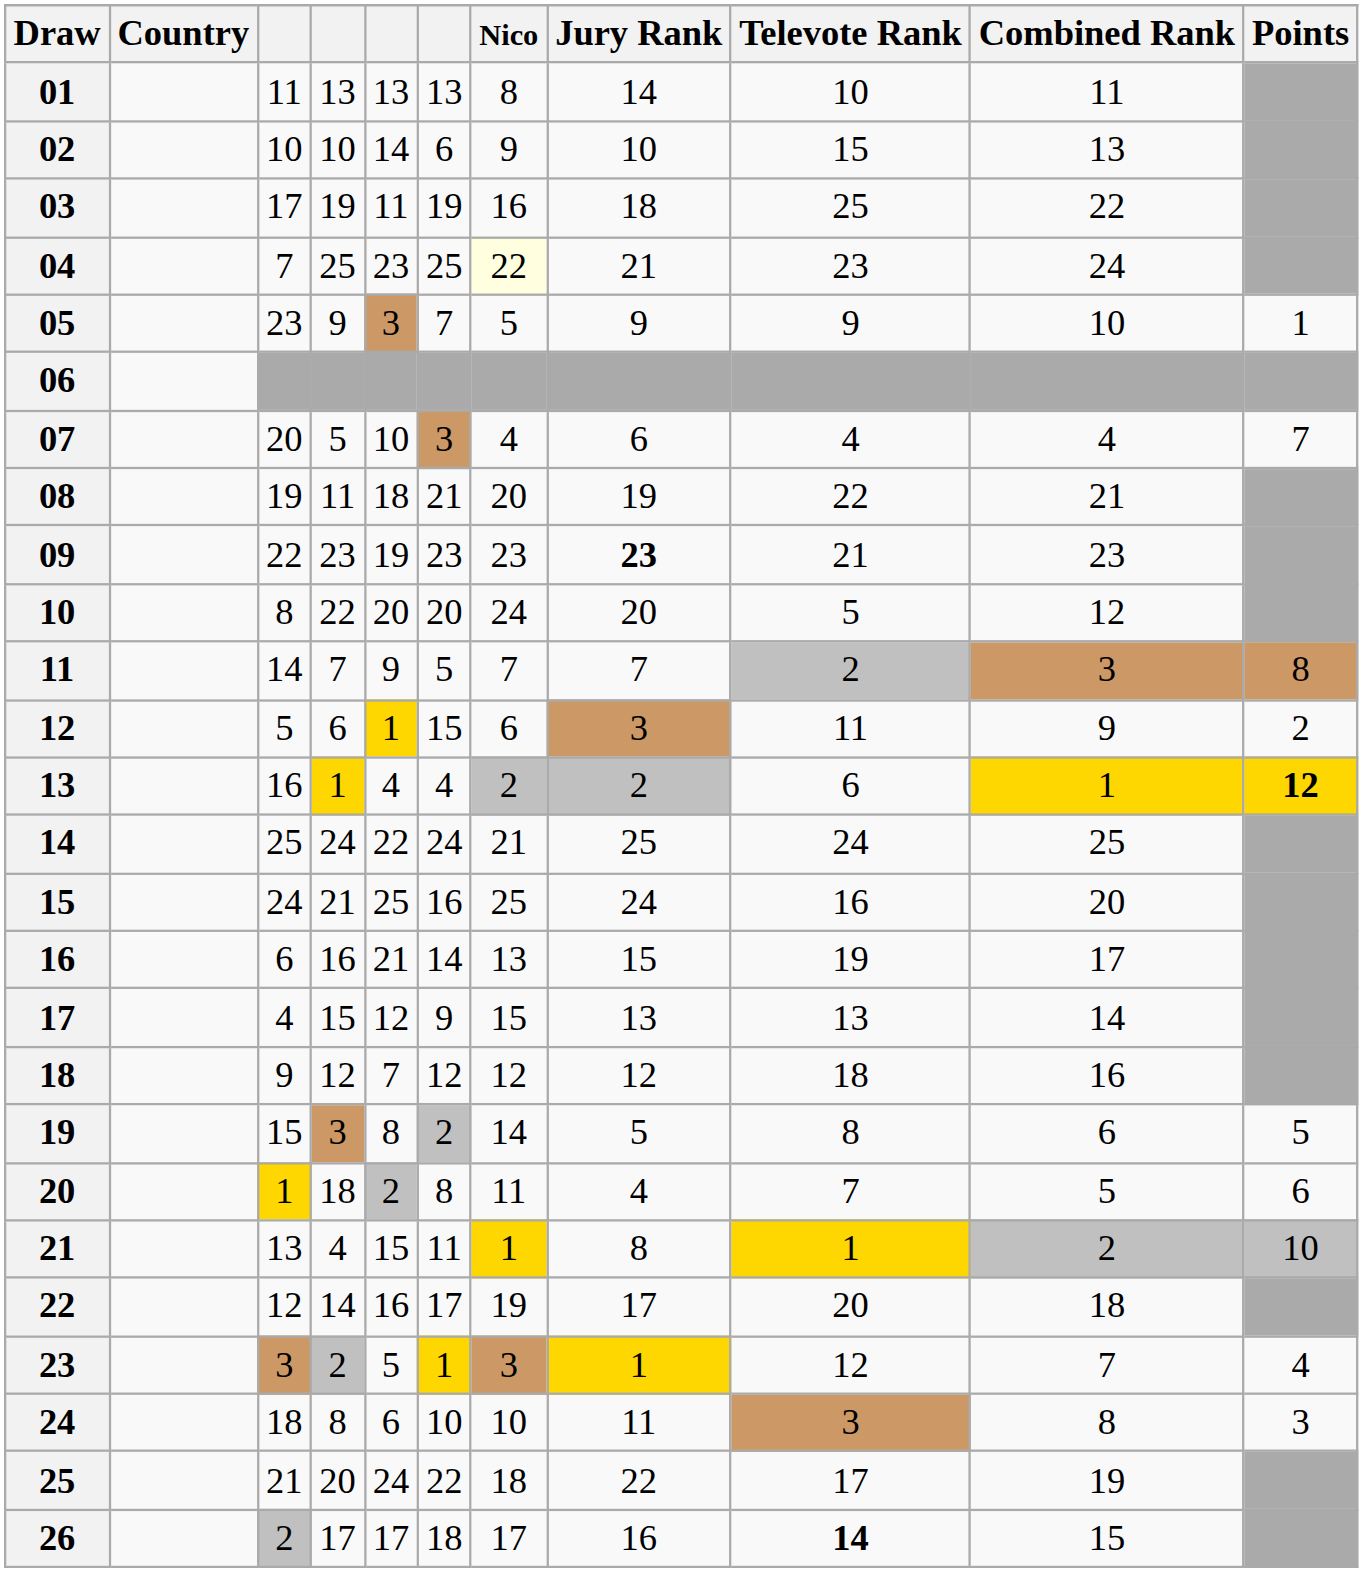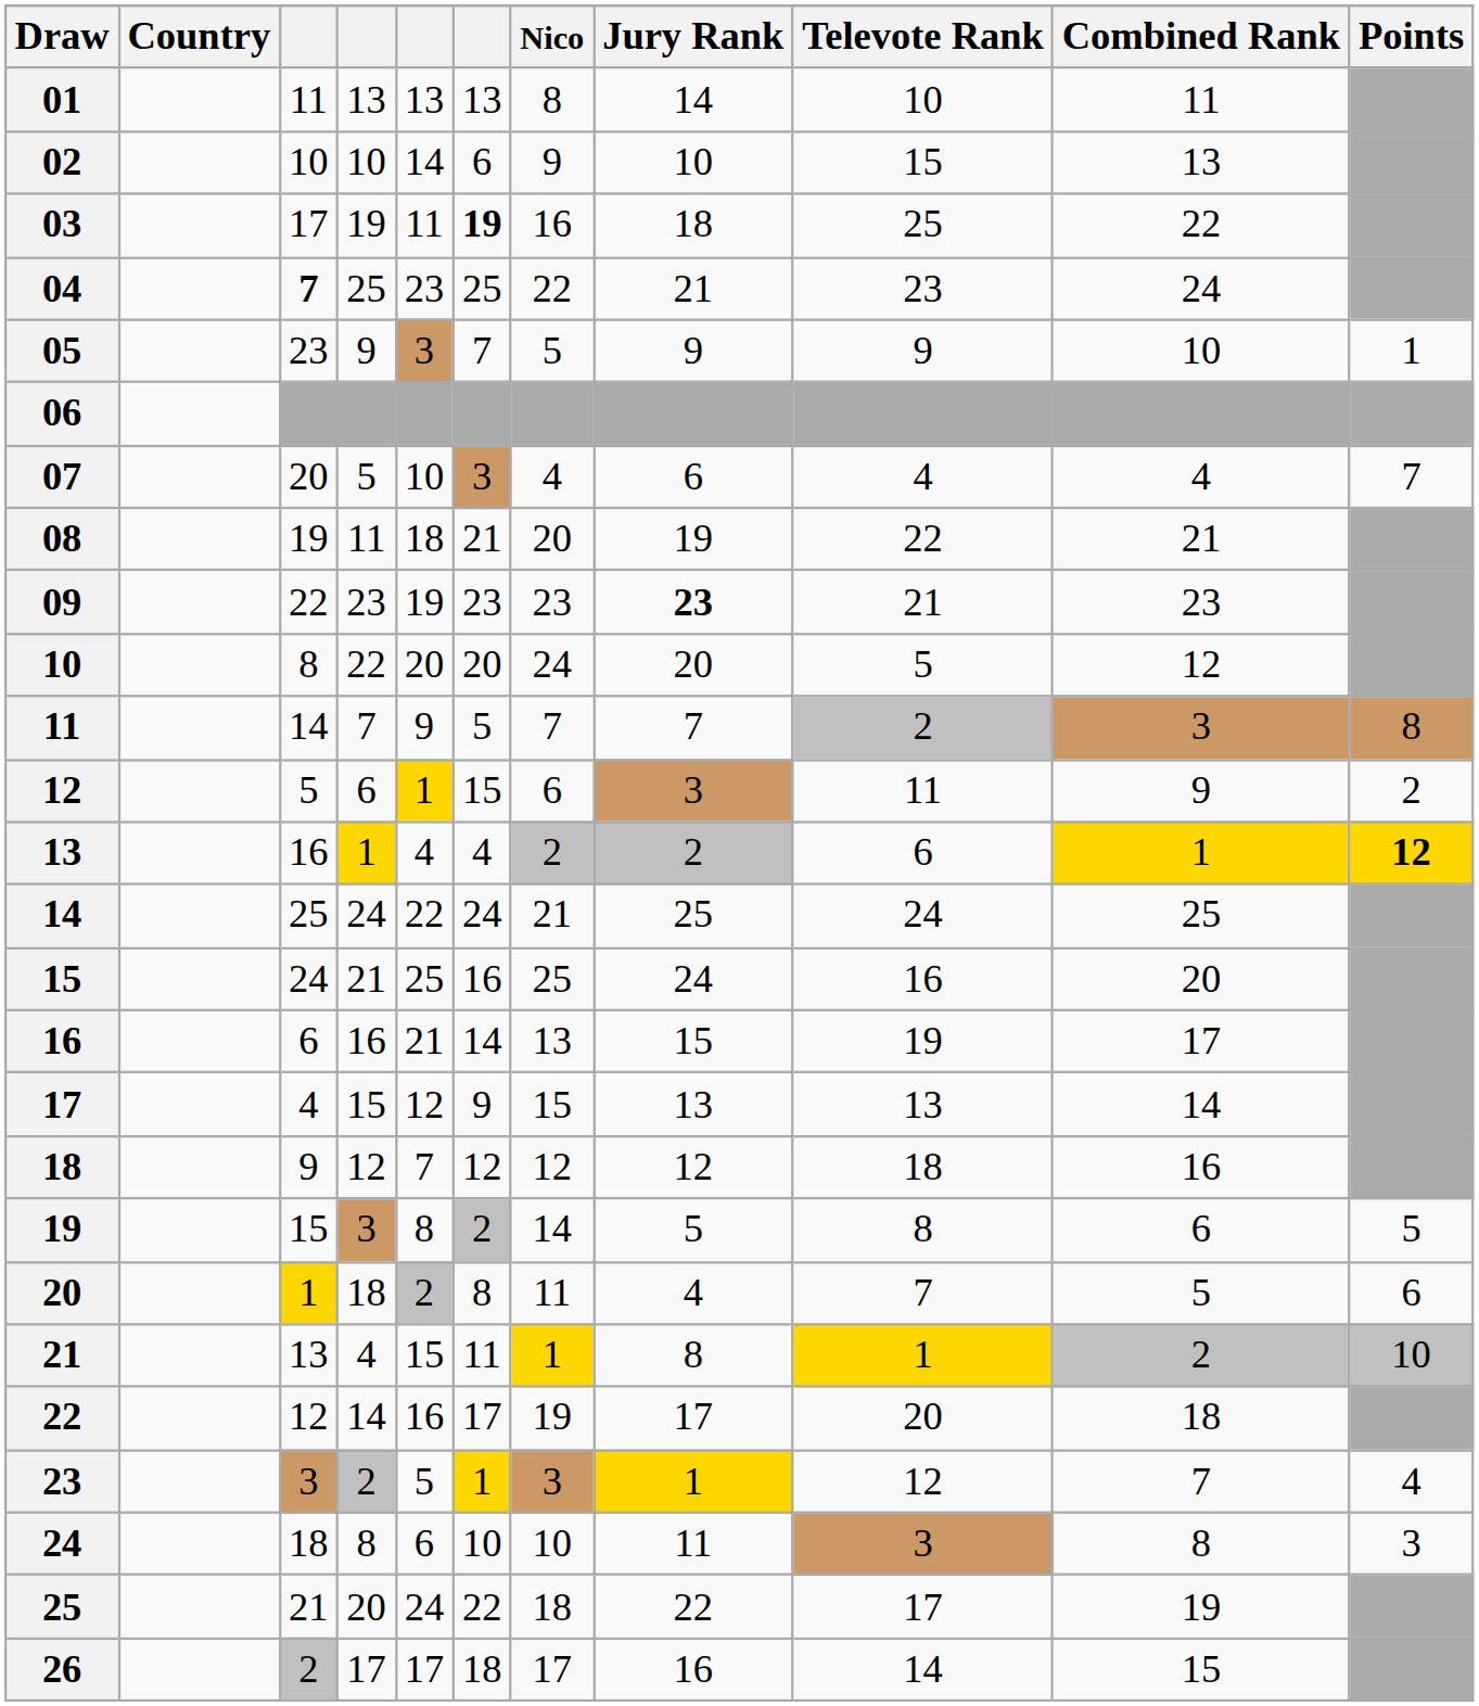 <table class="sortable wikitable collapsible plainrowheaders" style="text-align:center;">
 <tr>
 </tr>
 <tr>
 <th scope="col">Draw</th>
 <th scope="col">Country</th>
 <th scope="col"><small></small></th>
 <th scope="col"><small></small></th>
 <th scope="col"><small></small></th>
 <th scope="col"><small></small></th>
 <th scope="col"><small>Nico</small></th>
 <th scope="col">Jury Rank</th>
 <th scope="col">Televote Rank</th>
 <th scope="col">Combined Rank</th>
 <th scope="col">Points</th>
 </tr>
 <tr>
 <th scope="row" style="text-align:center;">01</th>
 <td style="text-align:left;"></td>
 <td>11</td>
 <td>13</td>
 <td>13</td>
 <td>13</td>
 <td>8</td>
 <td>14</td>
 <td>10</td>
 <td>11</td>
 <td style="background:#AAAAAA;"></td>
 </tr>
 <tr>
 <th scope="row" style="text-align:center;">02</th>
 <td style="text-align:left;"></td>
 <td>10</td>
 <td>10</td>
 <td>14</td>
 <td>6</td>
 <td>9</td>
 <td>10</td>
 <td>15</td>
 <td>13</td>
 <td style="background:#AAAAAA;"></td>
 </tr>
 <tr>
 <th scope="row" style="text-align:center;">03</th>
 <td style="text-align:left;"></td>
 <td>17</td>
 <td>19</td>
 <td>11</td>
-<td>19</td>
+<td><strong>19</strong></td>
 <td>16</td>
 <td>18</td>
 <td>25</td>
 <td>22</td>
 <td style="background:#AAAAAA;"></td>
 </tr>
 <tr>
 <th scope="row" style="text-align:center;">04</th>
 <td style="text-align:left;"></td>
-<td>7</td>
+<td><strong>7</strong></td>
 <td>25</td>
 <td>23</td>
 <td>25</td>
-<td style="background: lightyellow;">22</td>
+<td>22</td>
 <td>21</td>
 <td>23</td>
 <td>24</td>
 <td style="background:#AAAAAA;"></td>
 </tr>
 <tr>
 <th scope="row" style="text-align:center;">05</th>
 <td style="text-align:left;"></td>
 <td>23</td>
 <td>9</td>
 <td style="background:#CC9966;">3</td>
 <td>7</td>
 <td>5</td>
 <td>9</td>
 <td>9</td>
 <td>10</td>
 <td>1</td>
 </tr>
 <tr class="sortbottom">
 <th scope="row" style="text-align:center;">06</th>
 <td style="text-align:left;"></td>
 <td style="background:#AAAAAA;"></td>
 <td style="background:#AAAAAA;"></td>
 <td style="background:#AAAAAA;"></td>
 <td style="background:#AAAAAA;"></td>
 <td style="background:#AAAAAA;"></td>
 <td style="background:#AAAAAA;"></td>
 <td style="background:#AAAAAA;"></td>
 <td style="background:#AAAAAA;"></td>
 <td style="background:#AAAAAA;"></td>
 </tr>
 <tr>
 <th scope="row" style="text-align:center;">07</th>
 <td style="text-align:left;"></td>
 <td>20</td>
 <td>5</td>
 <td>10</td>
 <td style="background:#CC9966;">3</td>
 <td>4</td>
 <td>6</td>
 <td>4</td>
 <td>4</td>
 <td>7</td>
 </tr>
 <tr>
 <th scope="row" style="text-align:center;">08</th>
 <td style="text-align:left;"></td>
 <td>19</td>
 <td>11</td>
 <td>18</td>
 <td>21</td>
 <td>20</td>
 <td>19</td>
 <td>22</td>
 <td>21</td>
 <td style="background:#AAAAAA;"></td>
 </tr>
 <tr>
 <th scope="row" style="text-align:center;">09</th>
 <td style="text-align:left;"></td>
 <td>22</td>
 <td>23</td>
 <td>19</td>
 <td>23</td>
 <td>23</td>
 <td><strong>23</strong></td>
 <td>21</td>
 <td>23</td>
 <td style="background:#AAAAAA;"></td>
 </tr>
 <tr>
 <th scope="row" style="text-align:center;">10</th>
 <td style="text-align:left;"></td>
 <td>8</td>
 <td>22</td>
 <td>20</td>
 <td>20</td>
 <td>24</td>
 <td>20</td>
 <td>5</td>
 <td>12</td>
 <td style="background:#AAAAAA;"></td>
 </tr>
 <tr>
 <th scope="row" style="text-align:center;">11</th>
 <td style="text-align:left;"></td>
 <td>14</td>
 <td>7</td>
 <td>9</td>
 <td>5</td>
 <td>7</td>
 <td>7</td>
 <td style="background:silver;">2</td>
 <td style="background:#CC9966;">3</td>
 <td style="background:#CC9966;">8</td>
 </tr>
 <tr>
 <th scope="row" style="text-align:center;">12</th>
 <td style="text-align:left;"></td>
 <td>5</td>
 <td>6</td>
 <td style="background:gold;">1</td>
 <td>15</td>
 <td>6</td>
 <td style="background:#CC9966;">3</td>
 <td>11</td>
 <td>9</td>
 <td>2</td>
 </tr>
 <tr>
 <th scope="row" style="text-align:center;">13</th>
 <td style="text-align:left;"></td>
 <td>16</td>
 <td style="background:gold;">1</td>
 <td>4</td>
 <td>4</td>
 <td style="background:silver;">2</td>
 <td style="background:silver;">2</td>
 <td>6</td>
 <td style="background:gold;">1</td>
 <td style="background:gold;"><strong>12</strong></td>
 </tr>
 <tr>
 <th scope="row" style="text-align:center;">14</th>
 <td style="text-align:left;"></td>
 <td>25</td>
 <td>24</td>
 <td>22</td>
 <td>24</td>
 <td>21</td>
 <td>25</td>
 <td>24</td>
 <td>25</td>
 <td style="background:#AAAAAA;"></td>
 </tr>
 <tr>
 <th scope="row" style="text-align:center;">15</th>
 <td style="text-align:left;"></td>
 <td>24</td>
 <td>21</td>
 <td>25</td>
 <td>16</td>
 <td>25</td>
 <td>24</td>
 <td>16</td>
 <td>20</td>
 <td style="background:#AAAAAA;"></td>
 </tr>
 <tr>
 <th scope="row" style="text-align:center;">16</th>
 <td style="text-align:left;"></td>
 <td>6</td>
 <td>16</td>
 <td>21</td>
 <td>14</td>
 <td>13</td>
 <td>15</td>
 <td>19</td>
 <td>17</td>
 <td style="background:#AAAAAA;"></td>
 </tr>
 <tr>
 <th scope="row" style="text-align:center;">17</th>
 <td style="text-align:left;"></td>
 <td>4</td>
 <td>15</td>
 <td>12</td>
 <td>9</td>
 <td>15</td>
 <td>13</td>
 <td>13</td>
 <td>14</td>
 <td style="background:#AAAAAA;"></td>
 </tr>
 <tr>
 <th scope="row" style="text-align:center;">18</th>
 <td style="text-align:left;"></td>
 <td>9</td>
 <td>12</td>
 <td>7</td>
 <td>12</td>
 <td>12</td>
 <td>12</td>
 <td>18</td>
 <td>16</td>
 <td style="background:#AAAAAA;"></td>
 </tr>
 <tr>
 <th scope="row" style="text-align:center;">19</th>
 <td style="text-align:left;"></td>
 <td>15</td>
 <td style="background:#CC9966;">3</td>
 <td>8</td>
 <td style="background:silver;">2</td>
 <td>14</td>
 <td>5</td>
 <td>8</td>
 <td>6</td>
 <td>5</td>
 </tr>
 <tr>
 <th scope="row" style="text-align:center;">20</th>
 <td style="text-align:left;"></td>
 <td style="background:gold;">1</td>
 <td>18</td>
 <td style="background:silver;">2</td>
 <td>8</td>
 <td>11</td>
 <td>4</td>
 <td>7</td>
 <td>5</td>
 <td>6</td>
 </tr>
 <tr>
 <th scope="row" style="text-align:center;">21</th>
 <td style="text-align:left;"></td>
 <td>13</td>
 <td>4</td>
 <td>15</td>
 <td>11</td>
 <td style="background:gold;">1</td>
 <td>8</td>
 <td style="background:gold;">1</td>
 <td style="background:silver;">2</td>
 <td style="background:silver;">10</td>
 </tr>
 <tr>
 <th scope="row" style="text-align:center;">22</th>
 <td style="text-align:left;"></td>
 <td>12</td>
 <td>14</td>
 <td>16</td>
 <td>17</td>
 <td>19</td>
 <td>17</td>
 <td>20</td>
 <td>18</td>
 <td style="background:#AAAAAA;"></td>
 </tr>
 <tr>
 <th scope="row" style="text-align:center;">23</th>
 <td style="text-align:left;"></td>
 <td style="background:#CC9966;">3</td>
 <td style="background:silver;">2</td>
 <td>5</td>
 <td style="background:gold;">1</td>
 <td style="background:#CC9966;">3</td>
 <td style="background:gold;">1</td>
 <td>12</td>
 <td>7</td>
 <td>4</td>
 </tr>
 <tr>
 <th scope="row" style="text-align:center;">24</th>
 <td style="text-align:left;"></td>
 <td>18</td>
 <td>8</td>
 <td>6</td>
 <td>10</td>
 <td>10</td>
 <td>11</td>
 <td style="background:#CC9966;">3</td>
 <td>8</td>
 <td>3</td>
 </tr>
 <tr>
 <th scope="row" style="text-align:center;">25</th>
 <td style="text-align:left;"></td>
 <td>21</td>
 <td>20</td>
 <td>24</td>
 <td>22</td>
 <td>18</td>
 <td>22</td>
 <td>17</td>
 <td>19</td>
 <td style="background:#AAAAAA;"></td>
 </tr>
 <tr>
 <th scope="row" style="text-align:center;">26</th>
 <td style="text-align:left;"></td>
 <td style="background:silver;">2</td>
 <td>17</td>
 <td>17</td>
 <td>18</td>
 <td>17</td>
 <td>16</td>
-<td><strong>14</strong></td>
+<td>14</td>
 <td>15</td>
 <td style="background:#AAAAAA;"></td>
 </tr>
 </table>
